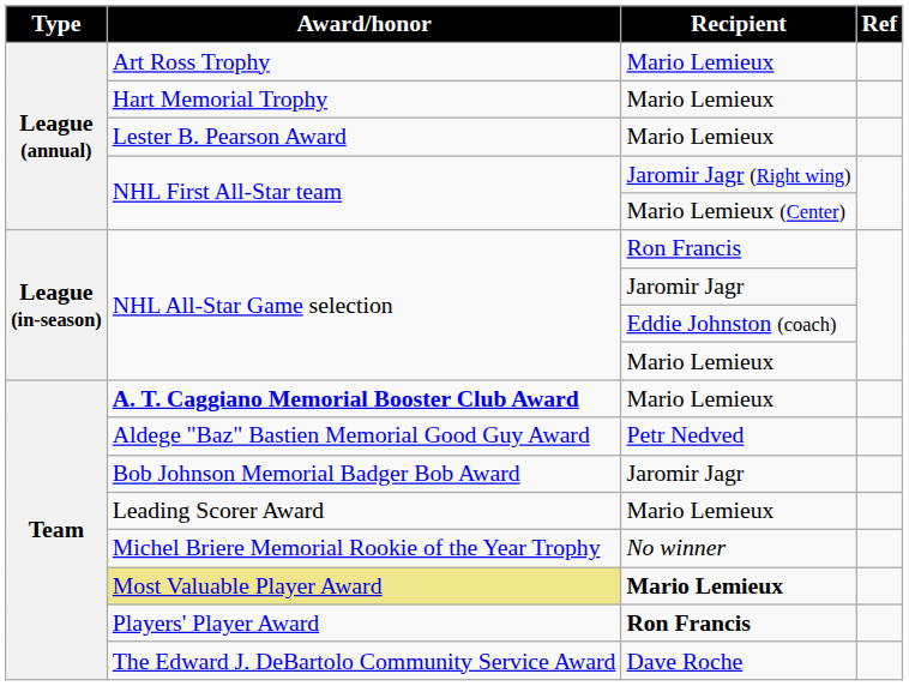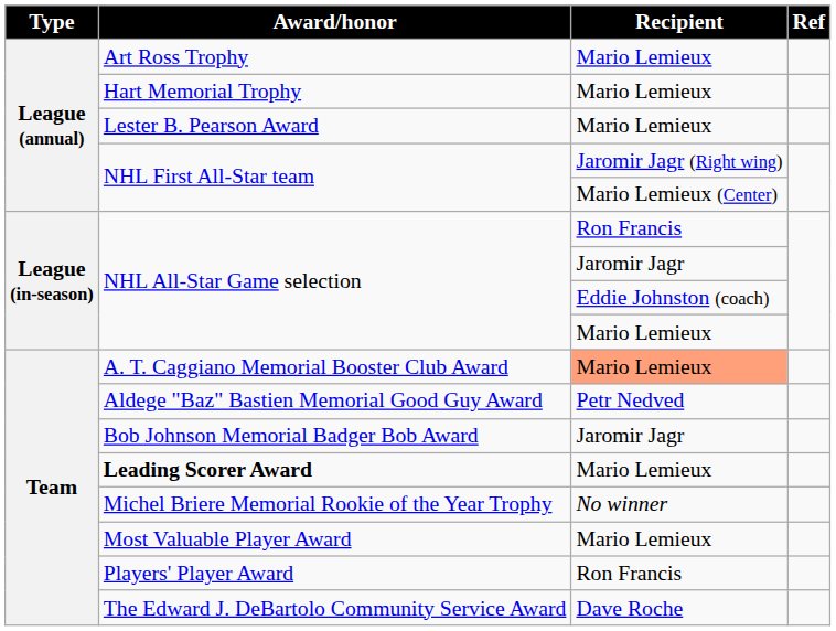 <table class="wikitable">
 <tr>
 <th style="color:white; background:#000000; ">Type</th>
 <th style="color:white; background:#000000; ">Award/honor</th>
 <th style="color:white; background:#000000; ">Recipient</th>
 <th style="color:white; background:#000000; ">Ref</th>
 </tr>
 <tr>
 <th scope="row" rowspan="5">League<br><small>(annual)</small></th>
 <td><a href='#'>Art Ross Trophy</a></td>
 <td><a href='#'>Mario Lemieux</a></td>
 <td></td>
 </tr>
 <tr>
 <td><a href='#'>Hart Memorial Trophy</a></td>
 <td>Mario Lemieux</td>
 <td></td>
 </tr>
 <tr>
 <td><a href='#'>Lester B. Pearson Award</a></td>
 <td>Mario Lemieux</td>
 <td></td>
 </tr>
 <tr>
 <td rowspan="2"><a href='#'>NHL First All-Star team</a></td>
 <td><a href='#'>Jaromir Jagr</a> <small>(<a href='#'>Right wing</a>)</small></td>
 <td rowspan="2"></td>
 </tr>
 <tr>
 <td>Mario Lemieux <small>(<a href='#'>Center</a>)</small></td>
 </tr>
 <tr>
 <th scope="row" rowspan=4>League<br><small>(in-season)</small></th>
 <td rowspan=4><a href='#'>NHL All-Star Game</a> selection</td>
 <td><a href='#'>Ron Francis</a></td>
 <td rowspan=4></td>
 </tr>
 <tr>
 <td>Jaromir Jagr</td>
 </tr>
 <tr>
 <td><a href='#'>Eddie Johnston</a> <small>(coach)</small></td>
 </tr>
 <tr>
 <td>Mario Lemieux</td>
 </tr>
 <tr>
 <th scope="row" rowspan="9">Team</th>
-<td><strong><a href='#'>A. T. Caggiano Memorial Booster Club Award</a></strong></td>
-<td>Mario Lemieux</td>
+<td><a href='#'>A. T. Caggiano Memorial Booster Club Award</a></td>
+<td style="background: lightsalmon;">Mario Lemieux</td>
 <td></td>
 </tr>
 <tr>
 <td><a href='#'>Aldege "Baz" Bastien Memorial Good Guy Award</a></td>
 <td><a href='#'>Petr Nedved</a></td>
 <td></td>
 </tr>
 <tr>
 <td><a href='#'>Bob Johnson Memorial Badger Bob Award</a></td>
 <td>Jaromir Jagr</td>
 <td></td>
 </tr>
 <tr>
-<td>Leading Scorer Award</td>
+<td><strong>Leading Scorer Award</strong></td>
 <td>Mario Lemieux</td>
 <td></td>
 </tr>
 <tr>
 <td><a href='#'>Michel Briere Memorial Rookie of the Year Trophy</a></td>
 <td><em>No winner</em></td>
 <td></td>
 </tr>
 <tr>
-<td style="background: khaki;"><a href='#'>Most Valuable Player Award</a></td>
-<td><strong>Mario Lemieux</strong></td>
+<td><a href='#'>Most Valuable Player Award</a></td>
+<td>Mario Lemieux</td>
 <td></td>
 </tr>
 <tr>
 <td><a href='#'>Players' Player Award</a></td>
-<td><strong>Ron Francis</strong></td>
+<td>Ron Francis</td>
 <td></td>
 </tr>
 <tr>
 <td><a href='#'>The Edward J. DeBartolo Community Service Award</a></td>
 <td><a href='#'>Dave Roche</a></td>
 <td></td>
 </tr>
 </table>
